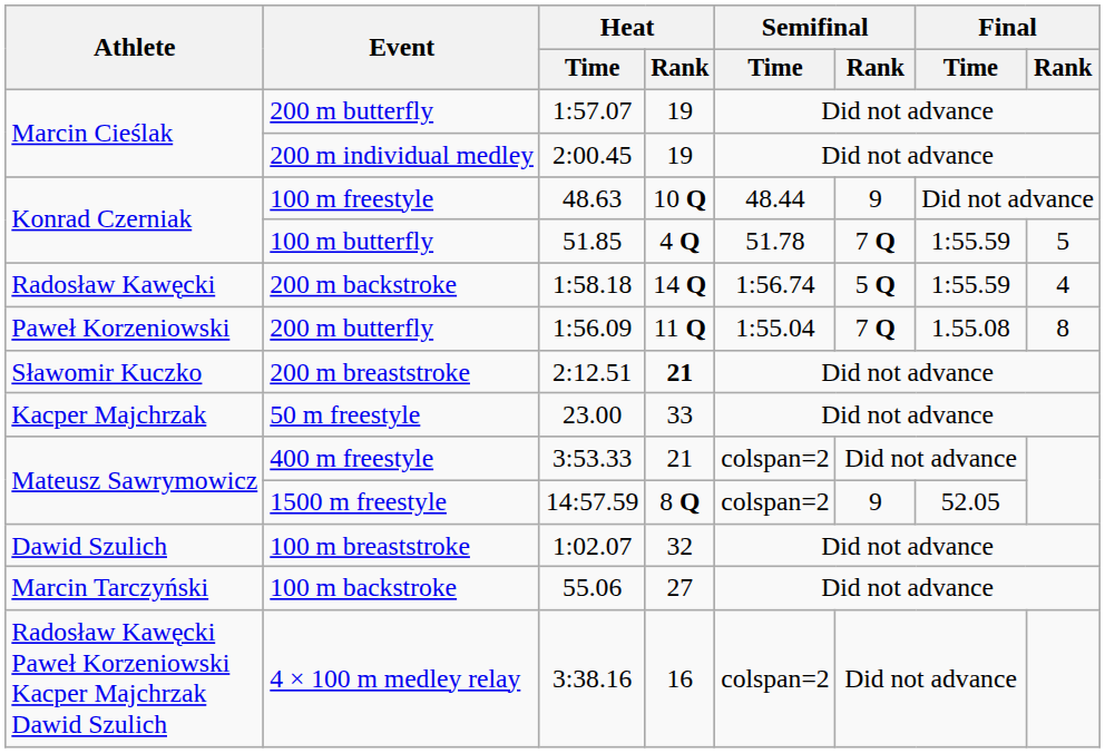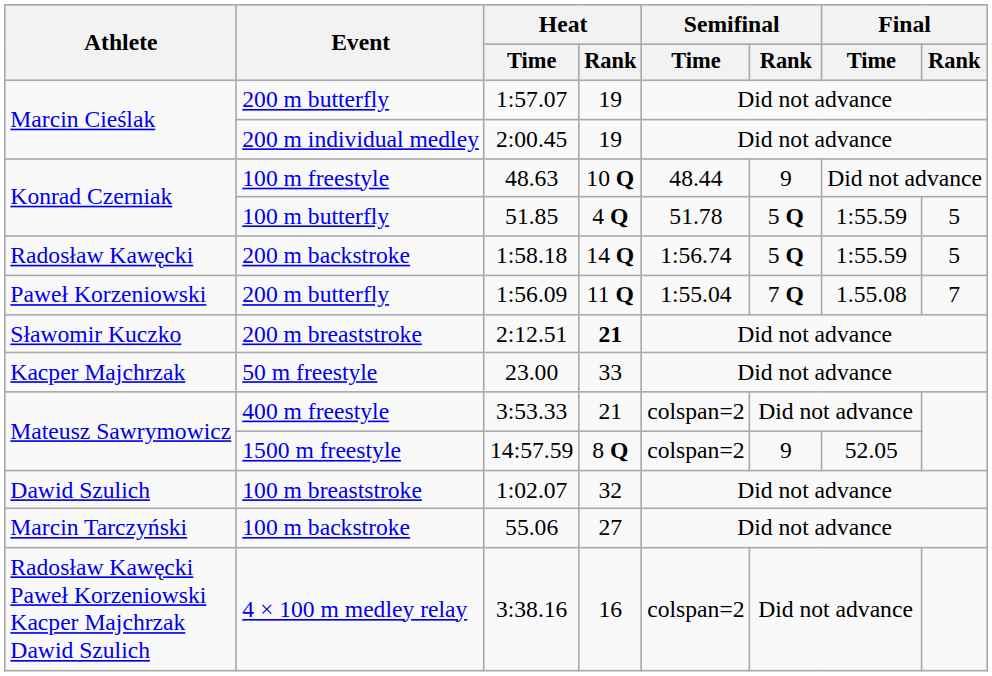 <table class=wikitable style="font-size:90%">
 <tr>
 <th rowspan="2">Athlete</th>
 <th rowspan="2">Event</th>
 <th colspan="2">Heat</th>
 <th colspan="2">Semifinal</th>
 <th colspan="2">Final</th>
 </tr>
 <tr style="font-size:95%">
 <th>Time</th>
 <th>Rank</th>
 <th>Time</th>
 <th>Rank</th>
 <th>Time</th>
 <th>Rank</th>
 </tr>
 <tr align=center>
 <td align=left rowspan=2><a href='#'>Marcin Cieślak</a></td>
 <td align=left><a href='#'>200 m butterfly</a></td>
 <td>1:57.07</td>
 <td>19</td>
 <td colspan=4>Did not advance</td>
 </tr>
 <tr align=center>
 <td align=left><a href='#'>200 m individual medley</a></td>
 <td>2:00.45</td>
 <td>19</td>
 <td colspan=4>Did not advance</td>
 </tr>
 <tr align=center>
 <td align=left rowspan=2><a href='#'>Konrad Czerniak</a></td>
 <td align=left><a href='#'>100 m freestyle</a></td>
 <td>48.63</td>
 <td>10 <strong>Q</strong></td>
 <td>48.44</td>
 <td>9</td>
 <td colspan=2>Did not advance</td>
 </tr>
 <tr align=center>
 <td align=left><a href='#'>100 m butterfly</a></td>
 <td>51.85</td>
 <td>4 <strong>Q</strong></td>
 <td>51.78</td>
-<td>7 <strong>Q</strong></td>
+<td>5 <strong>Q</strong></td>
 <td>1:55.59</td>
 <td>5</td>
 </tr>
 <tr align=center>
 <td align=left><a href='#'>Radosław Kawęcki</a></td>
 <td align=left><a href='#'>200 m backstroke</a></td>
 <td>1:58.18</td>
 <td>14 <strong>Q</strong></td>
 <td>1:56.74</td>
 <td>5 <strong>Q</strong></td>
 <td>1:55.59</td>
-<td>4</td>
+<td>5</td>
 </tr>
 <tr align=center>
 <td align=left><a href='#'>Paweł Korzeniowski</a></td>
 <td align=left><a href='#'>200 m butterfly</a></td>
 <td>1:56.09</td>
 <td>11 <strong>Q</strong></td>
 <td>1:55.04</td>
 <td>7 <strong>Q</strong></td>
 <td>1.55.08</td>
-<td>8</td>
+<td>7</td>
 </tr>
 <tr align=center>
 <td align=left><a href='#'>Sławomir Kuczko</a></td>
 <td align=left><a href='#'>200 m breaststroke</a></td>
 <td>2:12.51</td>
 <td><strong>21</strong></td>
 <td colspan=4>Did not advance</td>
 </tr>
 <tr align=center>
 <td align=left><a href='#'>Kacper Majchrzak</a></td>
 <td align=left><a href='#'>50 m freestyle</a></td>
 <td>23.00</td>
 <td>33</td>
 <td colspan=4>Did not advance</td>
 </tr>
 <tr align=center>
 <td align=left rowspan=2><a href='#'>Mateusz Sawrymowicz</a></td>
 <td align=left><a href='#'>400 m freestyle</a></td>
 <td>3:53.33</td>
 <td>21</td>
 <td>colspan=2 </td>
 <td colspan=2>Did not advance</td>
 </tr>
 <tr align=center>
 <td align=left><a href='#'>1500 m freestyle</a></td>
 <td>14:57.59</td>
 <td>8 <strong>Q</strong></td>
 <td>colspan=2 </td>
 <td>9</td>
 <td>52.05</td>
 </tr>
 <tr align=center>
 <td align=left><a href='#'>Dawid Szulich</a></td>
 <td align=left><a href='#'>100 m breaststroke</a></td>
 <td>1:02.07</td>
 <td>32</td>
 <td colspan=4>Did not advance</td>
 </tr>
 <tr align=center>
 <td align=left><a href='#'>Marcin Tarczyński</a></td>
 <td align=left><a href='#'>100 m backstroke</a></td>
 <td>55.06</td>
 <td>27</td>
 <td colspan=4>Did not advance</td>
 </tr>
 <tr align=center>
 <td align=left><a href='#'>Radosław Kawęcki</a><br><a href='#'>Paweł Korzeniowski</a><br><a href='#'>Kacper Majchrzak</a><br><a href='#'>Dawid Szulich</a></td>
 <td align=left><a href='#'>4 × 100 m medley relay</a></td>
 <td>3:38.16</td>
 <td>16</td>
 <td>colspan=2 </td>
 <td colspan=2>Did not advance</td>
 </tr>
 </table>
